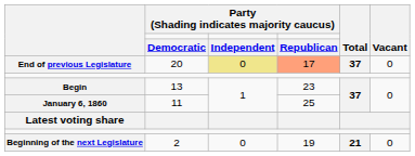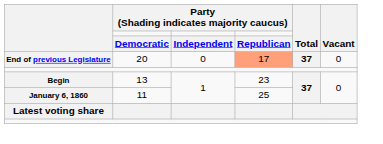 <table class=wikitable style="text-align:center">
 <tr style="vertical-align:bottom;">
 <th rowspan=3></th>
 <th colspan=3>Party <div>(Shading indicates majority caucus)</div></th>
 <th rowspan=3>Total</th>
 <th rowspan=3>Vacant</th>
 </tr>
 <tr style="height:5px">
 <td style="background-color:"></td>
 <td style="background-color:"></td>
 <td style="background-color:"></td>
 </tr>
 <tr>
 <th><a href='#'>Democratic</a></th>
 <th><a href='#'>Independent</a></th>
 <th><a href='#'>Republican</a></th>
 </tr>
 <tr>
 <th style="white-space:nowrap; font-size:80%;">End of <a href='#'>previous Legislature</a></th>
 <td>20</td>
-<td style="background: khaki;">0</td>
+<td>0</td>
 <td style="background: lightsalmon;">17</td>
 <th>37</th>
 <td>0</td>
 </tr>
 <tr>
 <td colspan=6></td>
 </tr>
 <tr>
 <th style="font-size:80%">Begin</th>
 <td>13</td>
 <td rowspan="2">1</td>
 <td>23</td>
 <th rowspan="2">37</th>
 <td rowspan="2">0</td>
 </tr>
 <tr>
 <th style="font-size:80%">January 6, 1860</th>
 <td>11</td>
 <td>25</td>
 </tr>
 <tr>
 <th>Latest voting share</th>
 <th></th>
 <th></th>
 <th></th>
 <th colspan=2></th>
 </tr>
 <tr>
 <td colspan=6></td>
 </tr>
-<tr>
-<th style="white-space:nowrap; font-size:80%;">Beginning of the <a href='#'>next Legislature</a></th>
-<td>2</td>
-<td>0</td>
-<td>19</td>
-<th>21</th>
-<td>0</td>
-</tr>
 </table>
